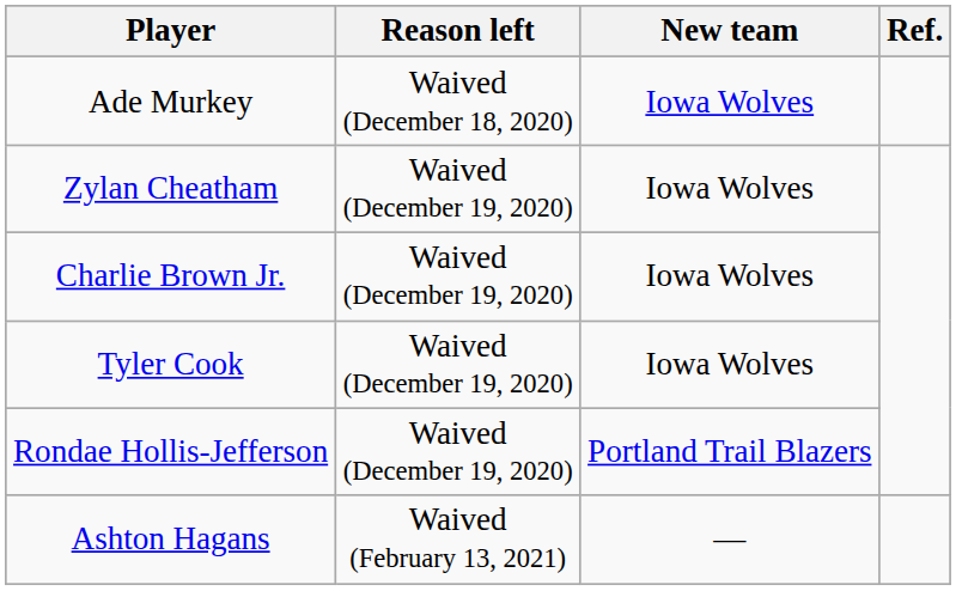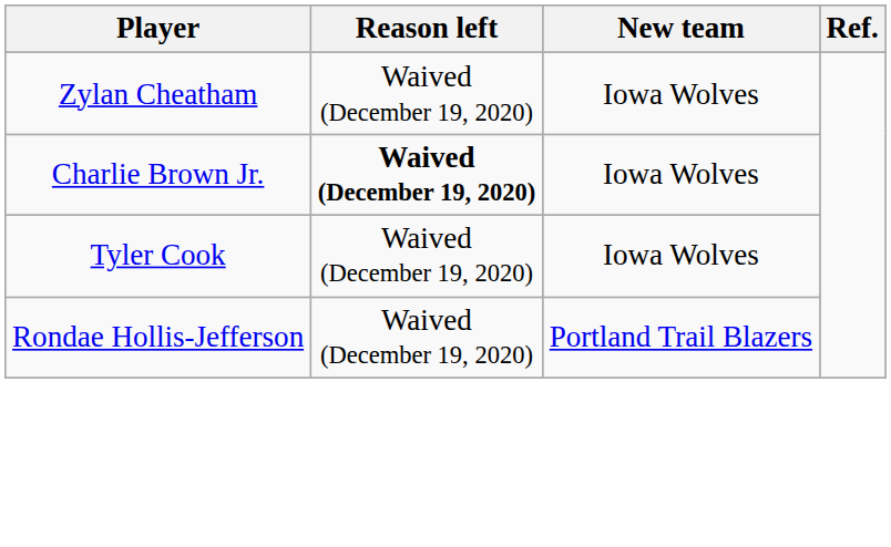 <table class="wikitable sortable sortable" style="text-align: center">
 <tr>
 <th>Player</th>
 <th>Reason left</th>
 <th>New team</th>
 <th>Ref.</th>
-</tr>
-<tr>
-<td>Ade Murkey</td>
-<td>Waived<br><small>(December 18, 2020)</small></td>
-<td><a href='#'>Iowa Wolves</a></td>
-<td></td>
 </tr>
 <tr>
 <td><a href='#'>Zylan Cheatham</a></td>
 <td>Waived<br><small>(December 19, 2020)</small></td>
 <td>Iowa Wolves</td>
 <td rowspan=4></td>
 </tr>
 <tr>
 <td><a href='#'>Charlie Brown Jr.</a></td>
-<td>Waived<br><small>(December 19, 2020)</small></td>
+<td><strong>Waived<br><small>(December 19, 2020)</small></strong></td>
 <td>Iowa Wolves</td>
 </tr>
 <tr>
 <td><a href='#'>Tyler Cook</a></td>
 <td>Waived<br><small>(December 19, 2020)</small></td>
 <td>Iowa Wolves</td>
 </tr>
 <tr>
 <td><a href='#'>Rondae Hollis-Jefferson</a></td>
 <td>Waived<br><small>(December 19, 2020)</small></td>
 <td><a href='#'>Portland Trail Blazers</a></td>
 </tr>
-<tr>
-<td><a href='#'>Ashton Hagans</a></td>
-<td>Waived<br><small>(February 13, 2021)</small></td>
-<td>—</td>
-<td></td>
-</tr>
 </table>
